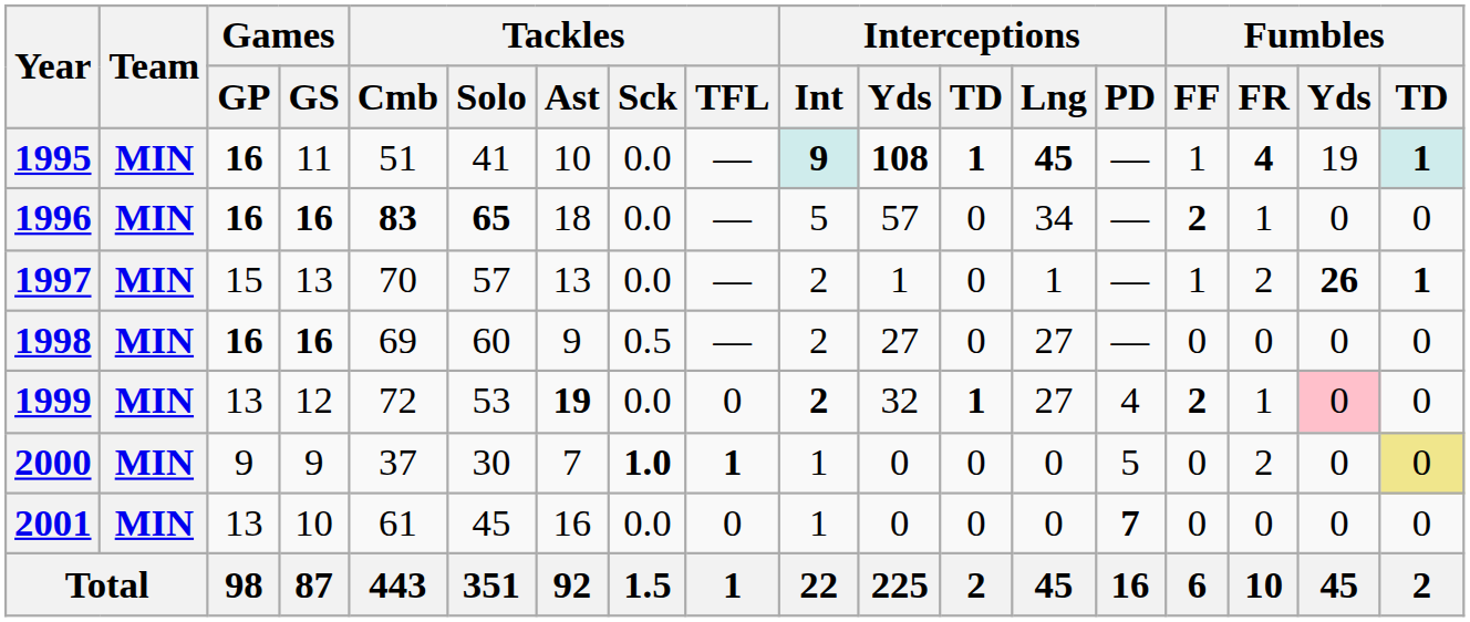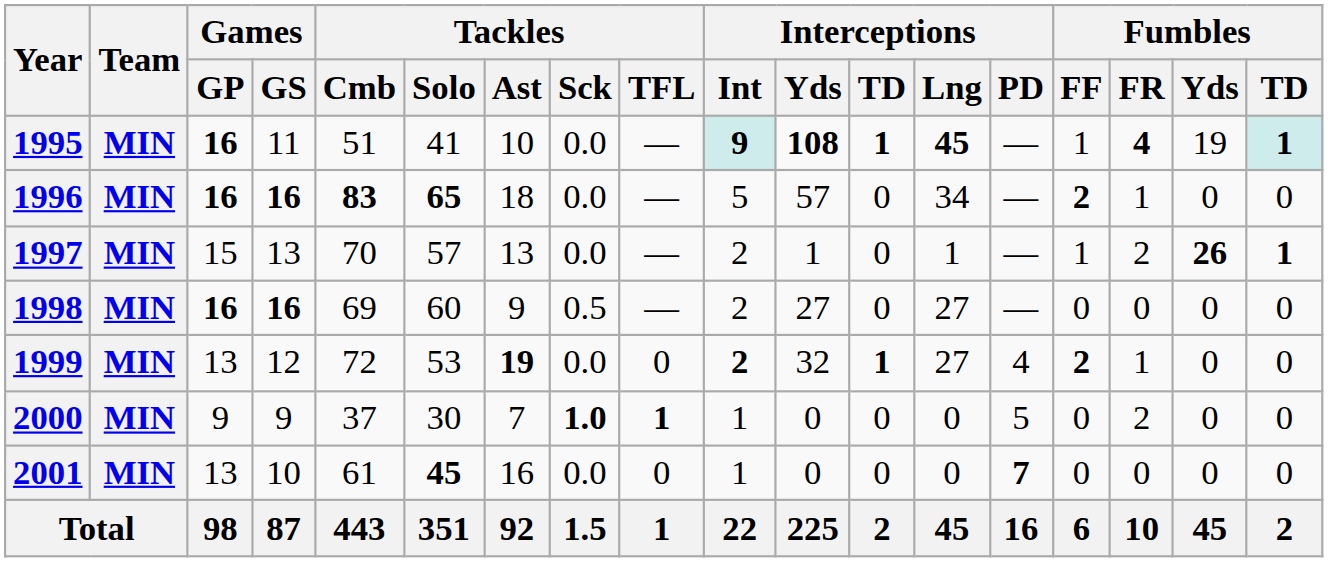 <table class="wikitable" style="text-align:center">
 <tr>
 <th rowspan="2">Year</th>
 <th rowspan="2">Team</th>
 <th colspan="2">Games</th>
 <th colspan="5">Tackles</th>
 <th colspan="5">Interceptions</th>
 <th colspan="4">Fumbles</th>
 </tr>
 <tr>
 <th>GP</th>
 <th>GS</th>
 <th>Cmb</th>
 <th>Solo</th>
 <th>Ast</th>
 <th>Sck</th>
 <th>TFL</th>
 <th>Int</th>
 <th>Yds</th>
 <th>TD</th>
 <th>Lng</th>
 <th>PD</th>
 <th>FF</th>
 <th>FR</th>
 <th>Yds</th>
 <th>TD</th>
 </tr>
 <tr>
 <th><a href='#'>1995</a></th>
 <th><a href='#'>MIN</a></th>
 <td><strong>16</strong></td>
 <td>11</td>
 <td>51</td>
 <td>41</td>
 <td>10</td>
 <td>0.0</td>
 <td>—</td>
 <td style="background:#cfecec;width:3em"><strong>9</strong></td>
 <td><strong>108</strong></td>
 <td><strong>1</strong></td>
 <td><strong>45</strong></td>
 <td>—</td>
 <td>1</td>
 <td><strong>4</strong></td>
 <td>19</td>
 <td style="background:#cfecec;width:3em"><strong>1</strong></td>
 </tr>
 <tr>
 <th><a href='#'>1996</a></th>
 <th><a href='#'>MIN</a></th>
 <td><strong>16</strong></td>
 <td><strong>16</strong></td>
 <td><strong>83</strong></td>
 <td><strong>65</strong></td>
 <td>18</td>
 <td>0.0</td>
 <td>—</td>
 <td>5</td>
 <td>57</td>
 <td>0</td>
 <td>34</td>
 <td>—</td>
 <td><strong>2</strong></td>
 <td>1</td>
 <td>0</td>
 <td>0</td>
 </tr>
 <tr>
 <th><a href='#'>1997</a></th>
 <th><a href='#'>MIN</a></th>
 <td>15</td>
 <td>13</td>
 <td>70</td>
 <td>57</td>
 <td>13</td>
 <td>0.0</td>
 <td>—</td>
 <td>2</td>
 <td>1</td>
 <td>0</td>
 <td>1</td>
 <td>—</td>
 <td>1</td>
 <td>2</td>
 <td><strong>26</strong></td>
 <td><strong>1</strong></td>
 </tr>
 <tr>
 <th><a href='#'>1998</a></th>
 <th><a href='#'>MIN</a></th>
 <td><strong>16</strong></td>
 <td><strong>16</strong></td>
 <td>69</td>
 <td>60</td>
 <td>9</td>
 <td>0.5</td>
 <td>—</td>
 <td>2</td>
 <td>27</td>
 <td>0</td>
 <td>27</td>
 <td>—</td>
 <td>0</td>
 <td>0</td>
 <td>0</td>
 <td>0</td>
 </tr>
 <tr>
 <th><a href='#'>1999</a></th>
 <th><a href='#'>MIN</a></th>
 <td>13</td>
 <td>12</td>
 <td>72</td>
 <td>53</td>
 <td><strong>19</strong></td>
 <td>0.0</td>
 <td>0</td>
 <td><strong>2</strong></td>
 <td>32</td>
 <td><strong>1</strong></td>
 <td>27</td>
 <td>4</td>
 <td><strong>2</strong></td>
 <td>1</td>
-<td style="background: pink;">0</td>
+<td>0</td>
 <td>0</td>
 </tr>
 <tr>
 <th><a href='#'>2000</a></th>
 <th><a href='#'>MIN</a></th>
 <td>9</td>
 <td>9</td>
 <td>37</td>
 <td>30</td>
 <td>7</td>
 <td><strong>1.0</strong></td>
 <td><strong>1</strong></td>
 <td>1</td>
 <td>0</td>
 <td>0</td>
 <td>0</td>
 <td>5</td>
 <td>0</td>
 <td>2</td>
 <td>0</td>
-<td style="background: khaki;">0</td>
+<td>0</td>
 </tr>
 <tr>
 <th><a href='#'>2001</a></th>
 <th><a href='#'>MIN</a></th>
 <td>13</td>
 <td>10</td>
 <td>61</td>
-<td>45</td>
+<td><strong>45</strong></td>
 <td>16</td>
 <td>0.0</td>
 <td>0</td>
 <td>1</td>
 <td>0</td>
 <td>0</td>
 <td>0</td>
 <td><strong>7</strong></td>
 <td>0</td>
 <td>0</td>
 <td>0</td>
 <td>0</td>
 </tr>
 <tr>
 <th colspan="2">Total</th>
 <th>98</th>
 <th>87</th>
 <th>443</th>
 <th>351</th>
 <th>92</th>
 <th>1.5</th>
 <th>1</th>
 <th>22</th>
 <th>225</th>
 <th>2</th>
 <th>45</th>
 <th>16</th>
 <th>6</th>
 <th>10</th>
 <th>45</th>
 <th>2</th>
 </tr>
 </table>
